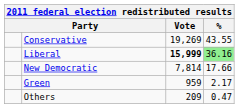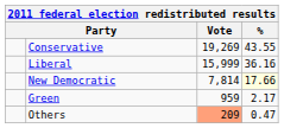 <table class="wikitable">
 <tr>
 <th colspan="4"><a href='#'>2011 federal election</a> redistributed results</th>
 </tr>
 <tr>
 <th bgcolor="#DDDDFF" width="130px" colspan="2">Party</th>
 <th bgcolor="#DDDDFF" width="50px">Vote</th>
 <th bgcolor="#DDDDFF" width="30px">%</th>
 </tr>
 <tr>
 <td> </td>
 <td><a href='#'>Conservative</a></td>
 <td align=right>19,269</td>
 <td align=right>43.55</td>
 </tr>
 <tr>
 <td> </td>
 <td><a href='#'>Liberal</a></td>
-<td align=right><strong>15,999</strong></td>
-<td align=right style="background: lightgreen;">36.16</td>
+<td align=right>15,999</td>
+<td align=right>36.16</td>
 </tr>
 <tr>
 <td> </td>
 <td><a href='#'>New Democratic</a></td>
 <td align=right>7,814</td>
-<td align=right>17.66</td>
+<td align=right style="background: lightyellow;">17.66</td>
 </tr>
 <tr>
 <td> </td>
 <td><a href='#'>Green</a></td>
 <td align=right>959</td>
 <td align=right>2.17</td>
 </tr>
 <tr>
 <td> </td>
 <td>Others</td>
-<td align=right>209</td>
+<td align=right style="background: lightsalmon;">209</td>
 <td align=right>0.47</td>
 </tr>
 </table>
